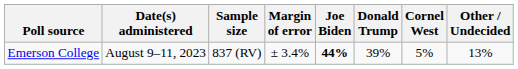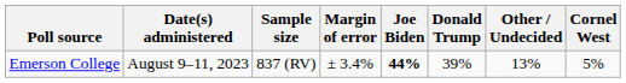 <table class="wikitable sortable mw-datatable" style="font-size:90%;text-align:center;line-height:17px">
 <tr valign=bottom>
 <th>Poll source</th>
 <th>Date(s)<br>administered</th>
 <th>Sample<br>size</th>
 <th>Margin<br>of error</th>
 <th class="unsortable">Joe<br>Biden<br></th>
 <th class="unsortable">Donald<br>Trump<br></th>
+<th class="unsortable">Other /<br>Undecided</th>
 <th class="unsortable">Cornel<br>West<br></th>
-<th class="unsortable">Other /<br>Undecided</th>
 </tr>
 <tr>
 <td style="text-align:left;"><a href='#'>Emerson College</a></td>
 <td data-sort-value="2023-08-11">August 9–11, 2023</td>
 <td>837 (RV)</td>
 <td>± 3.4%</td>
 <td style="color:black;background-color:"><strong>44%</strong></td>
 <td>39%</td>
+<td>13%</td>
 <td>5%</td>
-<td>13%</td>
 </tr>
 </table>
